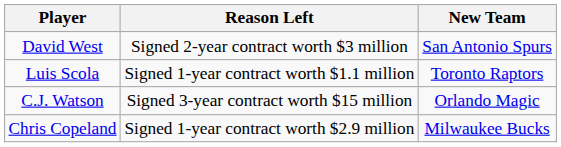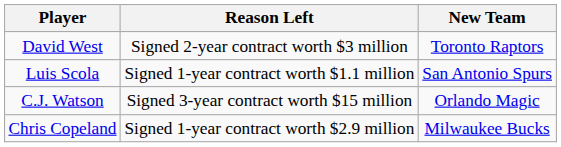 <table class="wikitable sortable sortable">
 <tr>
 <th>Player</th>
 <th>Reason Left</th>
 <th>New Team</th>
 </tr>
 <tr style="text-align: center">
 <td><a href='#'>David West</a></td>
 <td>Signed 2-year contract worth $3 million</td>
-<td><a href='#'>San Antonio Spurs</a></td>
+<td><a href='#'>Toronto Raptors</a></td>
 </tr>
 <tr style="text-align: center">
 <td><a href='#'>Luis Scola</a></td>
 <td>Signed 1-year contract worth $1.1 million</td>
-<td><a href='#'>Toronto Raptors</a></td>
+<td><a href='#'>San Antonio Spurs</a></td>
 </tr>
 <tr style="text-align: center">
 <td><a href='#'>C.J. Watson</a></td>
 <td>Signed 3-year contract worth $15 million</td>
 <td><a href='#'>Orlando Magic</a></td>
 </tr>
 <tr style="text-align: center">
 <td><a href='#'>Chris Copeland</a></td>
 <td>Signed 1-year contract worth $2.9 million</td>
 <td><a href='#'>Milwaukee Bucks</a></td>
 </tr>
 </table>
